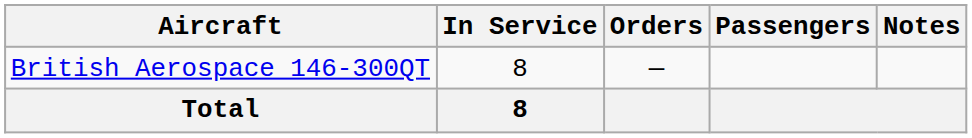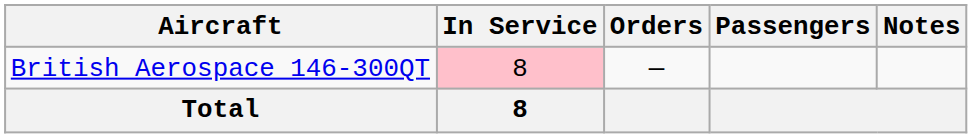 <table class="wikitable" style="margin:0.5em auto;text-align:center">
 <tr>
 <th>Aircraft</th>
 <th>In Service</th>
 <th>Orders</th>
 <th>Passengers</th>
 <th>Notes</th>
 </tr>
 <tr>
 <td><a href='#'>British Aerospace 146-300QT</a></td>
-<td>8</td>
+<td style="background: pink;">8</td>
 <td>—</td>
 <td></td>
 <td></td>
 </tr>
 <tr>
 <th>Total</th>
 <th>8</th>
 <th></th>
 <th colspan="2"></th>
 </tr>
 </table>
